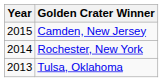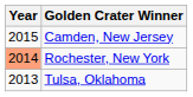 <table class="wikitable">
 <tr>
 <th>Year</th>
 <th>Golden Crater Winner</th>
 </tr>
 <tr>
 <td>2015</td>
 <td><a href='#'>Camden, New Jersey</a></td>
 </tr>
 <tr>
-<td>2014</td>
+<td style="background: lightsalmon;">2014</td>
 <td><a href='#'>Rochester, New York</a></td>
 </tr>
 <tr>
 <td>2013</td>
 <td><a href='#'>Tulsa, Oklahoma</a></td>
 </tr>
 </table>
